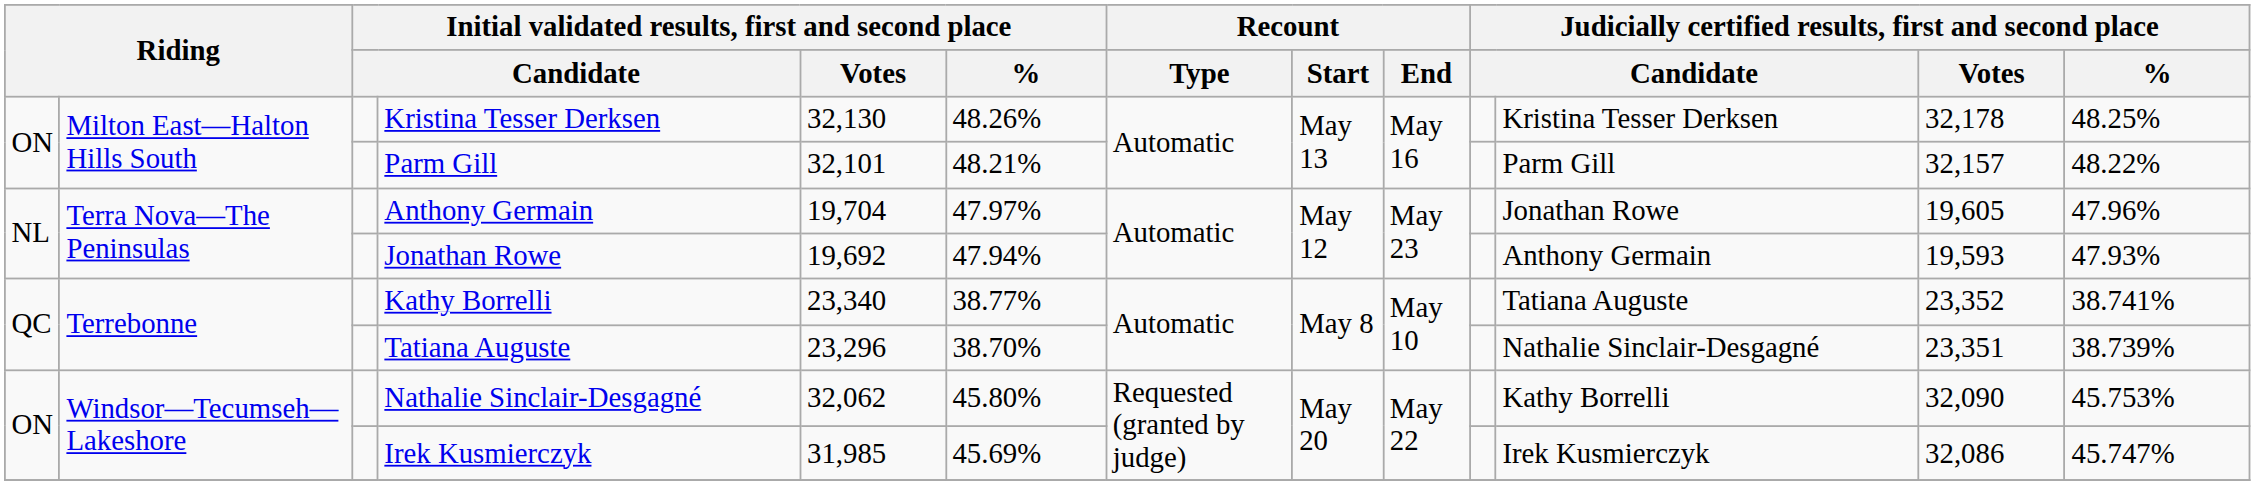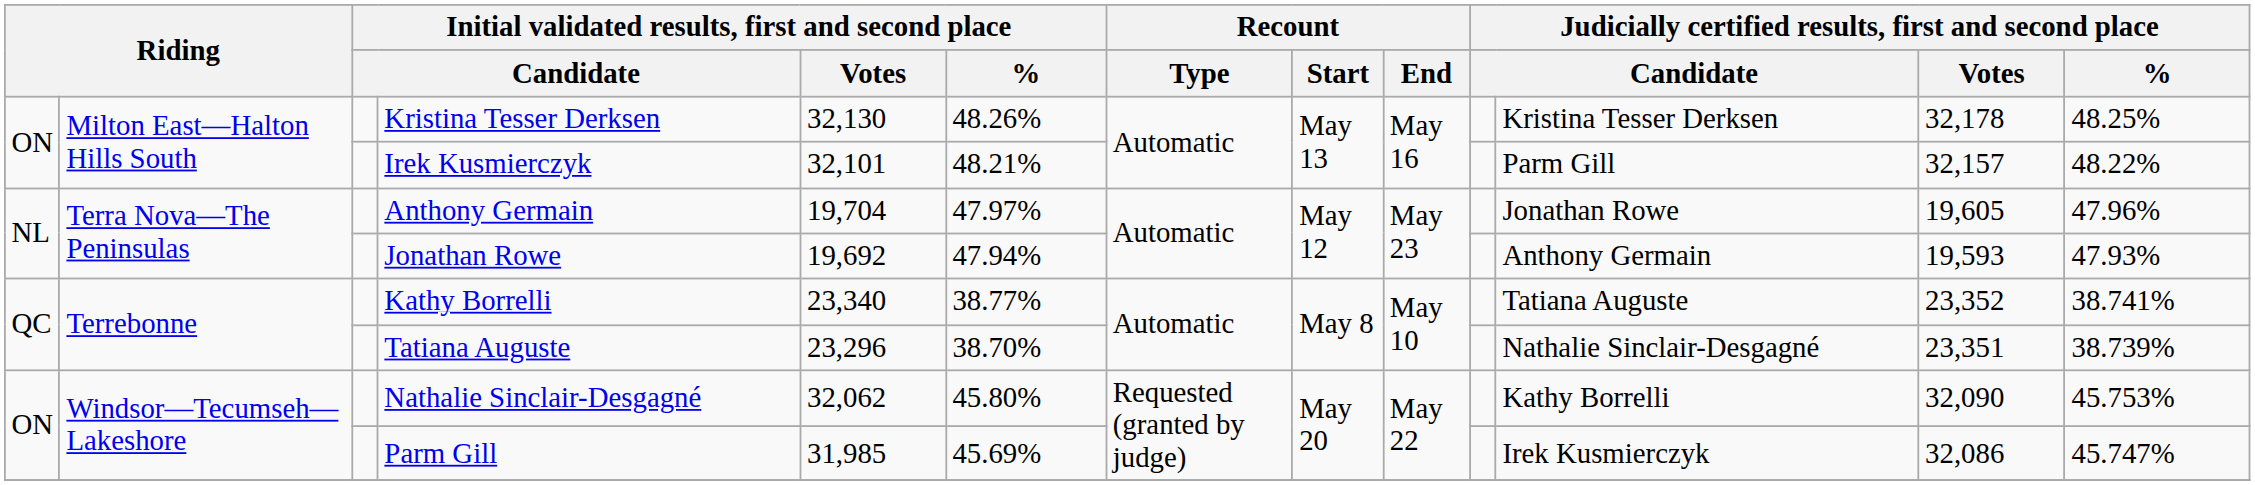 <table class="wikitable" style="border-collapse:collapse;">
 <tr>
 <th colspan="2" rowspan="2">Riding</th>
 <th colspan="4">Initial validated results, first and second place</th>
 <th colspan="3">Recount</th>
 <th colspan="4">Judicially certified results, first and second place</th>
 </tr>
 <tr>
 <th colspan="2" style="width:20%;">Candidate</th>
 <th>Votes</th>
 <th>%</th>
 <th>Type</th>
 <th>Start</th>
 <th>End</th>
 <th colspan="2" style="width:20%;">Candidate</th>
 <th>Votes</th>
 <th>%</th>
 </tr>
 <tr>
 <td rowspan="2">ON</td>
 <td rowspan="2"><a href='#'>Milton East—Halton Hills South</a></td>
 <td> </td>
 <td><a href='#'>Kristina Tesser Derksen</a></td>
 <td>32,130</td>
 <td>48.26%</td>
 <td rowspan="2">Automatic</td>
 <td rowspan="2">May 13</td>
 <td rowspan="2">May 16</td>
 <td> </td>
 <td>Kristina Tesser Derksen</td>
 <td>32,178</td>
 <td>48.25%</td>
 </tr>
 <tr>
 <td> </td>
-<td><a href='#'>Parm Gill</a></td>
+<td><a href='#'>Irek Kusmierczyk</a></td>
 <td>32,101</td>
 <td>48.21%</td>
 <td> </td>
 <td>Parm Gill</td>
 <td>32,157</td>
 <td>48.22%</td>
 </tr>
 <tr>
 <td rowspan="2">NL</td>
 <td rowspan="2"><a href='#'>Terra Nova—The Peninsulas</a></td>
 <td> </td>
 <td><a href='#'>Anthony Germain</a></td>
 <td>19,704</td>
 <td>47.97%</td>
 <td rowspan="2">Automatic</td>
 <td rowspan="2">May 12</td>
 <td rowspan="2">May 23</td>
 <td> </td>
 <td>Jonathan Rowe</td>
 <td>19,605</td>
 <td>47.96%</td>
 </tr>
 <tr>
 <td> </td>
 <td><a href='#'>Jonathan Rowe</a></td>
 <td>19,692</td>
 <td>47.94%</td>
 <td> </td>
 <td>Anthony Germain</td>
 <td>19,593</td>
 <td>47.93%</td>
 </tr>
 <tr>
 <td rowspan="2">QC</td>
 <td rowspan="2"><a href='#'>Terrebonne</a></td>
 <td> </td>
 <td><a href='#'>Kathy Borrelli</a></td>
 <td>23,340</td>
 <td>38.77%</td>
 <td rowspan="2">Automatic</td>
 <td rowspan="2">May 8</td>
 <td rowspan="2">May 10</td>
 <td> </td>
 <td>Tatiana Auguste</td>
 <td>23,352</td>
 <td>38.741%</td>
 </tr>
 <tr>
 <td> </td>
 <td><a href='#'>Tatiana Auguste</a></td>
 <td>23,296</td>
 <td>38.70%</td>
 <td> </td>
 <td>Nathalie Sinclair-Desgagné</td>
 <td>23,351</td>
 <td>38.739%</td>
 </tr>
 <tr>
 <td rowspan="2">ON</td>
 <td rowspan="2"><a href='#'>Windsor—Tecumseh—Lakeshore</a></td>
 <td> </td>
 <td><a href='#'>Nathalie Sinclair-Desgagné</a></td>
 <td>32,062</td>
 <td>45.80%</td>
 <td rowspan="2">Requested<br>(granted by judge)</td>
 <td rowspan="2">May 20</td>
 <td rowspan="2">May 22</td>
 <td> </td>
 <td>Kathy Borrelli</td>
 <td>32,090</td>
 <td>45.753%</td>
 </tr>
 <tr>
 <td> </td>
-<td><a href='#'>Irek Kusmierczyk</a></td>
+<td><a href='#'>Parm Gill</a></td>
 <td>31,985</td>
 <td>45.69%</td>
 <td> </td>
 <td>Irek Kusmierczyk</td>
 <td>32,086</td>
 <td>45.747%</td>
 </tr>
 <tr>
 </tr>
 </table>
